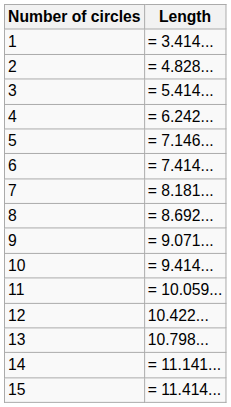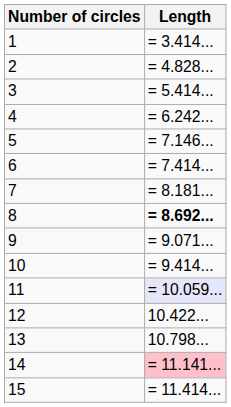 <table class="wikitable">
 <tr>
 <th>Number of circles</th>
 <th>Length</th>
 </tr>
 <tr>
 <td>1</td>
 <td> = 3.414...</td>
 </tr>
 <tr>
 <td>2</td>
 <td> = 4.828...</td>
 </tr>
 <tr>
 <td>3</td>
 <td> = 5.414...</td>
 </tr>
 <tr>
 <td>4</td>
 <td> = 6.242...</td>
 </tr>
 <tr>
 <td>5</td>
 <td> = 7.146...</td>
 </tr>
 <tr>
 <td>6</td>
 <td> = 7.414... </td>
 </tr>
 <tr>
 <td>7</td>
 <td> = 8.181...</td>
 </tr>
 <tr>
 <td>8</td>
-<td> = 8.692...</td>
+<td><strong> = 8.692...</strong></td>
 </tr>
 <tr>
 <td>9</td>
 <td> = 9.071...</td>
 </tr>
 <tr>
 <td>10</td>
 <td> = 9.414...</td>
 </tr>
 <tr>
 <td>11</td>
-<td> = 10.059...</td>
+<td style="background: lavender;"> = 10.059...</td>
 </tr>
 <tr>
 <td>12</td>
 <td>10.422...</td>
 </tr>
 <tr>
 <td>13</td>
 <td>10.798...</td>
 </tr>
 <tr>
 <td>14</td>
-<td> = 11.141...</td>
+<td style="background: pink;"> = 11.141...</td>
 </tr>
 <tr>
 <td>15</td>
 <td> = 11.414...</td>
 </tr>
 </table>
